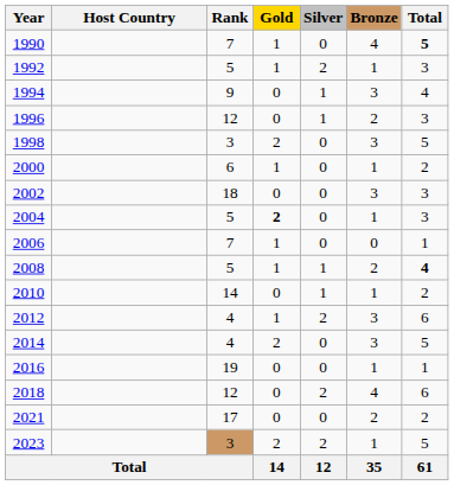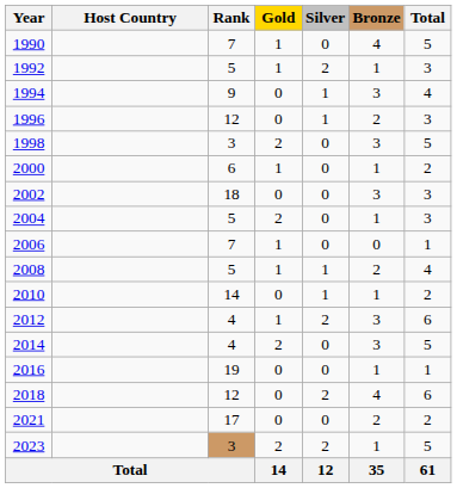 <table class="wikitable">
 <tr>
 <th width=40>Year</th>
 <th width=150>Host Country</th>
 <th width=40>Rank</th>
 <td width=40 bgcolor=gold align="center"><strong>Gold</strong></td>
 <td width=40 bgcolor=silver align="center"><strong>Silver</strong></td>
 <td width=4 bgcolor=#cc9966 align="center"><strong>Bronze</strong></td>
 <th width=40>Total</th>
 </tr>
 <tr align="center">
 <td><a href='#'>1990</a></td>
 <td align="left"></td>
 <td>7</td>
 <td>1</td>
 <td>0</td>
 <td>4</td>
-<td><strong>5</strong></td>
+<td>5</td>
 </tr>
 <tr align="center">
 <td><a href='#'>1992</a></td>
 <td align="left"></td>
 <td>5</td>
 <td>1</td>
 <td>2</td>
 <td>1</td>
 <td>3</td>
 </tr>
 <tr align="center">
 <td><a href='#'>1994</a></td>
 <td align="left"></td>
 <td>9</td>
 <td>0</td>
 <td>1</td>
 <td>3</td>
 <td>4</td>
 </tr>
 <tr align="center">
 <td><a href='#'>1996</a></td>
 <td align="left"></td>
 <td>12</td>
 <td>0</td>
 <td>1</td>
 <td>2</td>
 <td>3</td>
 </tr>
 <tr align="center">
 <td><a href='#'>1998</a></td>
 <td align="left"></td>
 <td>3</td>
 <td>2</td>
 <td>0</td>
 <td>3</td>
 <td>5</td>
 </tr>
 <tr align="center">
 <td><a href='#'>2000</a></td>
 <td align="left"></td>
 <td>6</td>
 <td>1</td>
 <td>0</td>
 <td>1</td>
 <td>2</td>
 </tr>
 <tr align="center">
 <td><a href='#'>2002</a></td>
 <td align="left"></td>
 <td>18</td>
 <td>0</td>
 <td>0</td>
 <td>3</td>
 <td>3</td>
 </tr>
 <tr align="center">
 <td><a href='#'>2004</a></td>
 <td align="left"></td>
 <td>5</td>
-<td><strong>2</strong></td>
+<td>2</td>
 <td>0</td>
 <td>1</td>
 <td>3</td>
 </tr>
 <tr align="center">
 <td><a href='#'>2006</a></td>
 <td align="left"></td>
 <td>7</td>
 <td>1</td>
 <td>0</td>
 <td>0</td>
 <td>1</td>
 </tr>
 <tr align="center">
 <td><a href='#'>2008</a></td>
 <td align="left"></td>
 <td>5</td>
 <td>1</td>
 <td>1</td>
 <td>2</td>
-<td><strong>4</strong></td>
+<td>4</td>
 </tr>
 <tr align="center">
 <td><a href='#'>2010</a></td>
 <td align="left"></td>
 <td>14</td>
 <td>0</td>
 <td>1</td>
 <td>1</td>
 <td>2</td>
 </tr>
 <tr align="center">
 <td><a href='#'>2012</a></td>
 <td align="left"></td>
 <td>4</td>
 <td>1</td>
 <td>2</td>
 <td>3</td>
 <td>6</td>
 </tr>
 <tr align="center">
 <td><a href='#'>2014</a></td>
 <td align="left"></td>
 <td>4</td>
 <td>2</td>
 <td>0</td>
 <td>3</td>
 <td>5</td>
 </tr>
 <tr align="center">
 <td><a href='#'>2016</a></td>
 <td align="left"></td>
 <td>19</td>
 <td>0</td>
 <td>0</td>
 <td>1</td>
 <td>1</td>
 </tr>
 <tr align="center">
 <td><a href='#'>2018</a></td>
 <td align="left"></td>
 <td>12</td>
 <td>0</td>
 <td>2</td>
 <td>4</td>
 <td>6</td>
 </tr>
 <tr align="center">
 <td><a href='#'>2021</a></td>
 <td align="left"></td>
 <td>17</td>
 <td>0</td>
 <td>0</td>
 <td>2</td>
 <td>2</td>
 </tr>
 <tr align="center">
 <td><a href='#'>2023</a></td>
 <td align="left"></td>
 <td bgcolor=cc9966>3</td>
 <td>2</td>
 <td>2</td>
 <td>1</td>
 <td>5</td>
 </tr>
 <tr align="center">
 <th align="left"; colspan=3>Total</th>
 <th>14</th>
 <th>12</th>
 <th>35</th>
 <th>61</th>
 </tr>
 </table>
